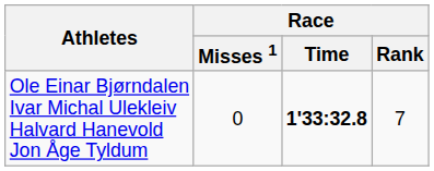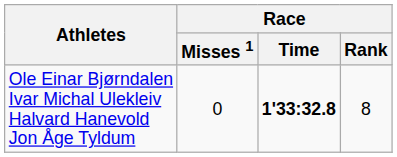 <table class="wikitable" style="font-size:90%">
 <tr>
 <th rowspan=2>Athletes</th>
 <th colspan=3>Race</th>
 </tr>
 <tr>
 <th>Misses <sup>1</sup></th>
 <th>Time</th>
 <th>Rank</th>
 </tr>
 <tr>
 <td><a href='#'>Ole Einar Bjørndalen</a><br><a href='#'>Ivar Michal Ulekleiv</a><br><a href='#'>Halvard Hanevold</a><br><a href='#'>Jon Åge Tyldum</a></td>
 <td align=center>0</td>
 <td align=center><strong>1'33:32.8</strong></td>
-<td align=center>7</td>
+<td align=center>8</td>
 </tr>
 </table>
